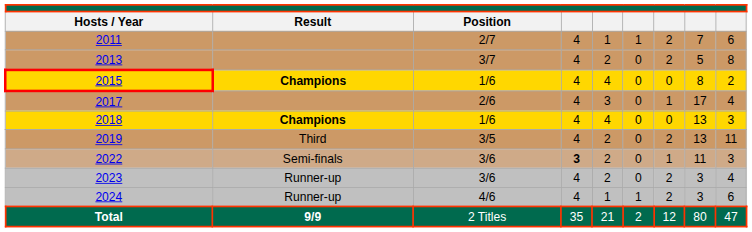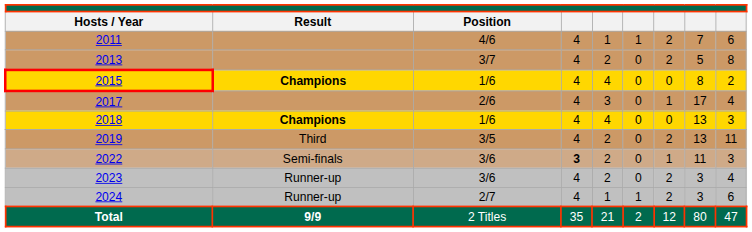 <table class="wikitable" style="text-align: center;font-size:90%; width:70%;">
 <tr>
 <th colspan=11 style="background: #006a4e;border: 2px solid #ff3300;color: #FFFFFF;"><a href='#'></a></th>
 </tr>
 <tr>
 <th>Hosts / Year</th>
 <th>Result</th>
 <th>Position</th>
 <th width=30></th>
 <th width=30></th>
 <th width=30></th>
 <th width=30></th>
 <th width=30></th>
 <th width=30></th>
 </tr>
 <tr bgcolor="#cc9966">
 <td> <a href='#'>2011</a></td>
 <td></td>
-<td>2/7</td>
+<td>4/6</td>
 <td>4</td>
 <td>1</td>
 <td>1</td>
 <td>2</td>
 <td>7</td>
 <td>6</td>
 </tr>
 <tr bgcolor="#cc9966">
 <td> <a href='#'>2013</a></td>
 <td></td>
 <td>3/7</td>
 <td>4</td>
 <td>2</td>
 <td>0</td>
 <td>2</td>
 <td>5</td>
 <td>8</td>
 </tr>
 <tr bgcolor=gold>
 <td style="border: 3px solid red"> <a href='#'>2015</a></td>
 <td><strong>Champions</strong></td>
 <td>1/6</td>
 <td>4</td>
 <td>4</td>
 <td>0</td>
 <td>0</td>
 <td>8</td>
 <td>2</td>
 </tr>
 <tr bgcolor="#cc9966">
 <td> <a href='#'>2017</a></td>
 <td></td>
 <td>2/6</td>
 <td>4</td>
 <td>3</td>
 <td>0</td>
 <td>1</td>
 <td>17</td>
 <td>4</td>
 </tr>
 <tr bgcolor=gold>
 <td> <a href='#'>2018</a></td>
 <td><strong>Champions</strong></td>
 <td>1/6</td>
 <td>4</td>
 <td>4</td>
 <td>0</td>
 <td>0</td>
 <td>13</td>
 <td>3</td>
 </tr>
 <tr>
 </tr>
 <tr bgcolor="#cc9966">
 <td> <a href='#'>2019</a></td>
 <td>Third</td>
 <td>3/5</td>
 <td>4</td>
 <td>2</td>
 <td>0</td>
 <td>2</td>
 <td>13</td>
 <td>11</td>
 </tr>
 <tr bgcolor=#cfaa88>
 <td> <a href='#'>2022</a></td>
 <td>Semi-finals</td>
 <td>3/6</td>
 <td><strong>3</strong></td>
 <td>2</td>
 <td>0</td>
 <td>1</td>
 <td>11</td>
 <td>3</td>
 </tr>
 <tr bgcolor=Silver>
 <td> <a href='#'>2023</a></td>
 <td>Runner-up</td>
 <td>3/6</td>
 <td>4</td>
 <td>2</td>
 <td>0</td>
 <td>2</td>
 <td>3</td>
 <td>4</td>
 </tr>
 <tr bgcolor=silver>
 <td> <a href='#'>2024</a></td>
 <td>Runner-up</td>
-<td>4/6</td>
+<td>2/7</td>
 <td>4</td>
 <td>1</td>
 <td>1</td>
 <td>2</td>
 <td>3</td>
 <td>6</td>
 </tr>
 <tr>
 <td style="background: #006a4e;border: 2px solid #ff3300;color:white; "><strong>Total</strong></td>
 <td style="background: #006a4e;border: 2px solid #ff3300;color:white; "><strong>9/9</strong></td>
 <td style="background: #006a4e;border: 2px solid #ff3300;color:white; ">2 Titles</td>
 <td style="background: #006a4e;border: 2px solid #ff3300;color:white; ">35</td>
 <td style="background: #006a4e;border: 2px solid #ff3300;color:white; ">21</td>
 <td style="background: #006a4e;border: 2px solid #ff3300;color:white; ">2</td>
 <td style="background: #006a4e;border: 2px solid #ff3300;color:white; ">12</td>
 <td style="background: #006a4e;border: 2px solid #ff3300;color:white; ">80</td>
 <td style="background: #006a4e;border: 2px solid #ff3300;color:white; ">47</td>
 </tr>
 </table>
